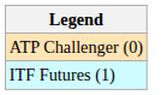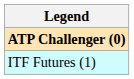 <table class=wikitable style=font-size:97%>
 <tr>
 <th>Legend</th>
 </tr>
 <tr bgcolor=moccasin>
-<td>ATP Challenger (0)</td>
+<td><strong>ATP Challenger (0)</strong></td>
 </tr>
 <tr bgcolor=cffcff>
 <td>ITF Futures (1)</td>
 </tr>
 </table>
